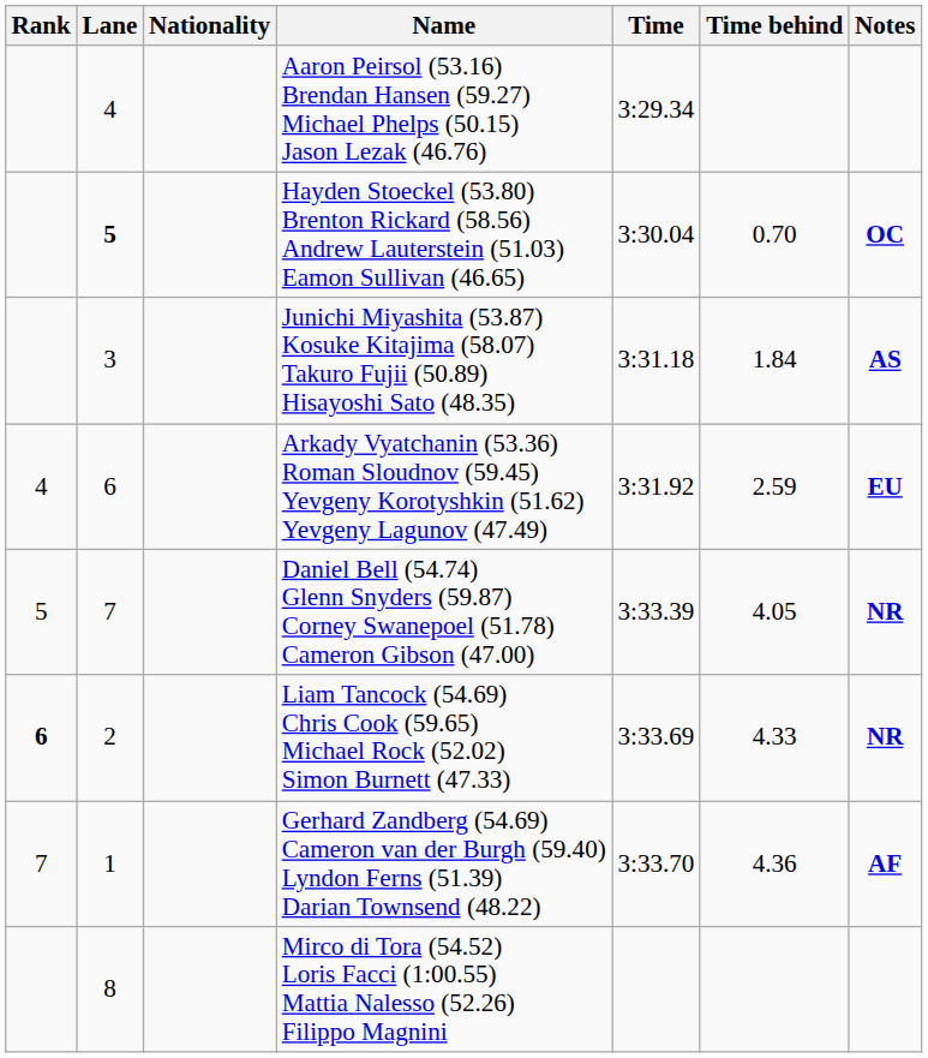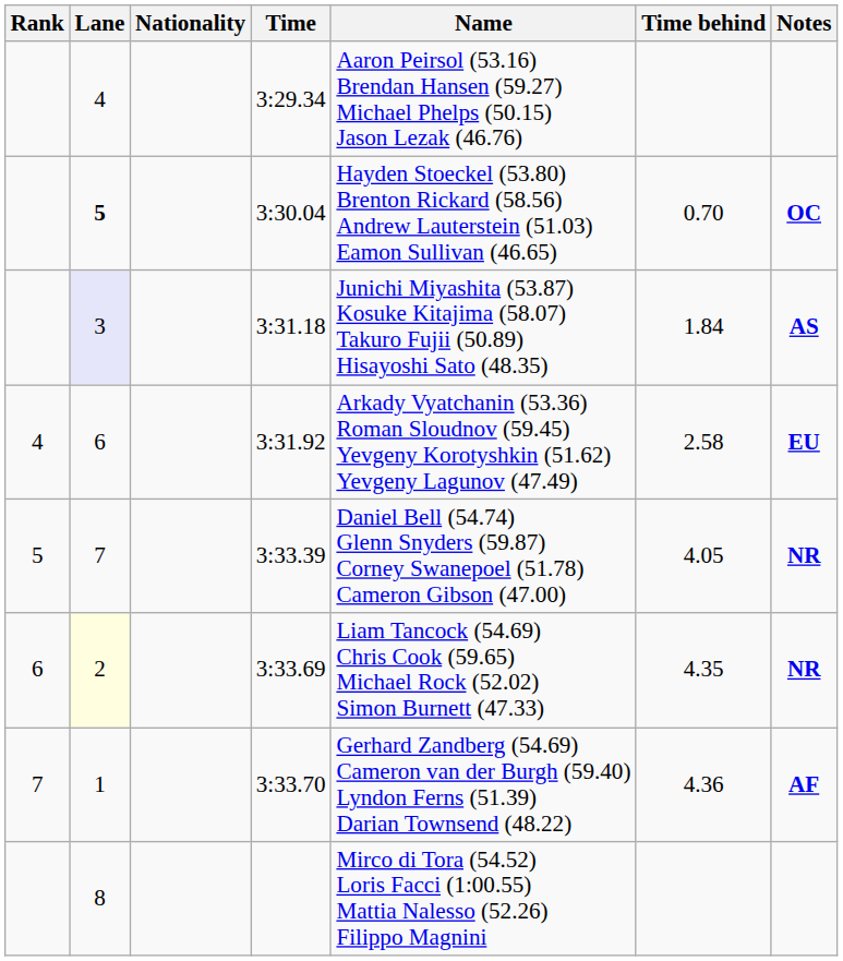 <table class="wikitable sortable" style="text-align:center">
 <tr>
 <th>Rank</th>
 <th>Lane</th>
 <th>Nationality</th>
+<th>Time</th>
 <th>Name</th>
-<th>Time</th>
 <th>Time behind</th>
 <th>Notes</th>
 </tr>
 <tr>
 <td></td>
 <td>4</td>
 <td align=left></td>
+<td>3:29.34</td>
 <td align=left><a href='#'>Aaron Peirsol</a> (53.16) <br> <a href='#'>Brendan Hansen</a> (59.27) <br> <a href='#'>Michael Phelps</a> (50.15) <br> <a href='#'>Jason Lezak</a> (46.76)</td>
-<td>3:29.34</td>
 <td></td>
 <td></td>
 </tr>
 <tr>
 <td></td>
 <td><strong>5</strong></td>
 <td align=left></td>
+<td>3:30.04</td>
 <td align=left><a href='#'>Hayden Stoeckel</a> (53.80) <br> <a href='#'>Brenton Rickard</a> (58.56) <br> <a href='#'>Andrew Lauterstein</a> (51.03) <br> <a href='#'>Eamon Sullivan</a> (46.65)</td>
-<td>3:30.04</td>
 <td>0.70</td>
 <td><strong><a href='#'>OC</a></strong></td>
 </tr>
 <tr>
 <td></td>
-<td>3</td>
+<td style="background: lavender;">3</td>
 <td align=left></td>
+<td>3:31.18</td>
 <td align=left><a href='#'>Junichi Miyashita</a> (53.87) <br> <a href='#'>Kosuke Kitajima</a> (58.07) <br> <a href='#'>Takuro Fujii</a> (50.89) <br> <a href='#'>Hisayoshi Sato</a> (48.35)</td>
-<td>3:31.18</td>
 <td>1.84</td>
 <td><strong><a href='#'>AS</a></strong></td>
 </tr>
 <tr>
 <td>4</td>
 <td>6</td>
 <td align=left></td>
+<td>3:31.92</td>
 <td align=left><a href='#'>Arkady Vyatchanin</a> (53.36) <br> <a href='#'>Roman Sloudnov</a> (59.45) <br> <a href='#'>Yevgeny Korotyshkin</a> (51.62) <br> <a href='#'>Yevgeny Lagunov</a> (47.49)</td>
-<td>3:31.92</td>
-<td>2.59</td>
+<td>2.58</td>
 <td><strong><a href='#'>EU</a></strong></td>
 </tr>
 <tr>
 <td>5</td>
 <td>7</td>
 <td align=left></td>
+<td>3:33.39</td>
 <td align=left><a href='#'>Daniel Bell</a> (54.74) <br> <a href='#'>Glenn Snyders</a> (59.87) <br> <a href='#'>Corney Swanepoel</a> (51.78) <br> <a href='#'>Cameron Gibson</a> (47.00)</td>
-<td>3:33.39</td>
 <td>4.05</td>
 <td><strong><a href='#'>NR</a></strong></td>
 </tr>
 <tr>
-<td><strong>6</strong></td>
-<td>2</td>
+<td>6</td>
+<td style="background: lightyellow;">2</td>
 <td align=left></td>
+<td>3:33.69</td>
 <td align=left><a href='#'>Liam Tancock</a> (54.69) <br> <a href='#'>Chris Cook</a> (59.65) <br> <a href='#'>Michael Rock</a> (52.02) <br> <a href='#'>Simon Burnett</a> (47.33)</td>
-<td>3:33.69</td>
-<td>4.33</td>
+<td>4.35</td>
 <td><strong><a href='#'>NR</a></strong></td>
 </tr>
 <tr>
 <td>7</td>
 <td>1</td>
 <td align=left></td>
+<td>3:33.70</td>
 <td align=left><a href='#'>Gerhard Zandberg</a> (54.69) <br> <a href='#'>Cameron van der Burgh</a> (59.40) <br> <a href='#'>Lyndon Ferns</a> (51.39) <br> <a href='#'>Darian Townsend</a> (48.22)</td>
-<td>3:33.70</td>
 <td>4.36</td>
 <td><strong><a href='#'>AF</a></strong></td>
 </tr>
 <tr>
 <td></td>
 <td>8</td>
 <td align=left></td>
+<td></td>
 <td align=left><a href='#'>Mirco di Tora</a> (54.52) <br> <a href='#'>Loris Facci</a> (1:00.55)<br> <a href='#'>Mattia Nalesso</a> (52.26) <br> <a href='#'>Filippo Magnini</a></td>
-<td></td>
 <td></td>
 <td></td>
 </tr>
 </table>
